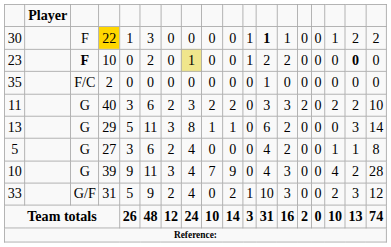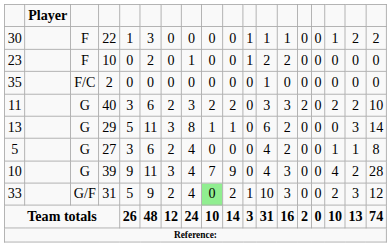 <table class="wikitable sortable" style="text-align:center; font-size:100%">
 <tr>
 <td><strong></strong></td>
 <td><strong>Player</strong></td>
 <td><strong></strong></td>
 <td><strong></strong></td>
 <td><strong></strong></td>
 <td><strong></strong></td>
 <td><strong></strong></td>
 <td><strong></strong></td>
 <td><strong></strong></td>
 <td><strong></strong></td>
 <td><strong></strong></td>
 <td><strong></strong></td>
 <td><strong></strong></td>
 <td><strong></strong></td>
 <td><strong></strong></td>
 <td><strong></strong></td>
 <td><strong></strong></td>
 <td><strong></strong></td>
 </tr>
 <tr>
 <td>30</td>
 <td></td>
 <td>F</td>
-<td style="background: gold;">22</td>
+<td>22</td>
 <td>1</td>
 <td>3</td>
 <td>0</td>
 <td>0</td>
 <td>0</td>
 <td>0</td>
 <td>1</td>
-<td><strong>1</strong></td>
+<td>1</td>
 <td>1</td>
 <td>0</td>
 <td>0</td>
 <td>1</td>
 <td>2</td>
 <td>2</td>
 </tr>
 <tr>
 <td>23</td>
 <td></td>
-<td><strong>F</strong></td>
+<td>F</td>
 <td>10</td>
 <td>0</td>
 <td>2</td>
 <td>0</td>
-<td style="background: khaki;">1</td>
+<td>1</td>
 <td>0</td>
 <td>0</td>
 <td>1</td>
 <td>2</td>
 <td>2</td>
 <td>0</td>
 <td>0</td>
 <td>0</td>
-<td><strong>0</strong></td>
+<td>0</td>
 <td>0</td>
 </tr>
 <tr>
 <td>35</td>
 <td></td>
 <td>F/C</td>
 <td>2</td>
 <td>0</td>
 <td>0</td>
 <td>0</td>
 <td>0</td>
 <td>0</td>
 <td>0</td>
 <td>0</td>
 <td>1</td>
 <td>0</td>
 <td>0</td>
 <td>0</td>
 <td>0</td>
 <td>0</td>
 <td>0</td>
 </tr>
 <tr>
 <td>11</td>
 <td></td>
 <td>G</td>
 <td>40</td>
 <td>3</td>
 <td>6</td>
 <td>2</td>
 <td>3</td>
 <td>2</td>
 <td>2</td>
 <td>0</td>
 <td>3</td>
 <td>3</td>
 <td>2</td>
 <td>0</td>
 <td>2</td>
 <td>2</td>
 <td>10</td>
 </tr>
 <tr>
 <td>13</td>
 <td></td>
 <td>G</td>
 <td>29</td>
 <td>5</td>
 <td>11</td>
 <td>3</td>
 <td>8</td>
 <td>1</td>
 <td>1</td>
 <td>0</td>
 <td>6</td>
 <td>2</td>
 <td>0</td>
 <td>0</td>
 <td>0</td>
 <td>3</td>
 <td>14</td>
 </tr>
 <tr>
 <td>5</td>
 <td></td>
 <td>G</td>
 <td>27</td>
 <td>3</td>
 <td>6</td>
 <td>2</td>
 <td>4</td>
 <td>0</td>
 <td>0</td>
 <td>0</td>
 <td>4</td>
 <td>2</td>
 <td>0</td>
 <td>0</td>
 <td>1</td>
 <td>1</td>
 <td>8</td>
 </tr>
 <tr>
 <td>10</td>
 <td></td>
 <td>G</td>
 <td>39</td>
 <td>9</td>
 <td>11</td>
 <td>3</td>
 <td>4</td>
 <td>7</td>
 <td>9</td>
 <td>0</td>
 <td>4</td>
 <td>3</td>
 <td>0</td>
 <td>0</td>
 <td>4</td>
 <td>2</td>
 <td>28</td>
 </tr>
 <tr>
 <td>33</td>
 <td></td>
 <td>G/F</td>
 <td>31</td>
 <td>5</td>
 <td>9</td>
 <td>2</td>
 <td>4</td>
-<td>0</td>
+<td style="background: lightgreen;">0</td>
 <td>2</td>
 <td>1</td>
 <td>10</td>
 <td>3</td>
 <td>0</td>
 <td>0</td>
 <td>2</td>
 <td>3</td>
 <td>12</td>
 </tr>
 <tr class="sortbottom">
 <td style="text-align:center;" colspan="4"><strong>Team totals</strong></td>
 <td><strong>26</strong></td>
 <td><strong>48</strong></td>
 <td><strong>12</strong></td>
 <td><strong>24</strong></td>
 <td><strong>10</strong></td>
 <td><strong>14</strong></td>
 <td><strong>3</strong></td>
 <td><strong>31</strong></td>
 <td><strong>16</strong></td>
 <td><strong>2</strong></td>
 <td><strong>0</strong></td>
 <td><strong>10</strong></td>
 <td><strong>13</strong></td>
 <td><strong>74</strong></td>
 </tr>
 <tr>
 <td colspan="18" style="font-size: 8pt" align="center"><strong>Reference:</strong></td>
 </tr>
 </table>
